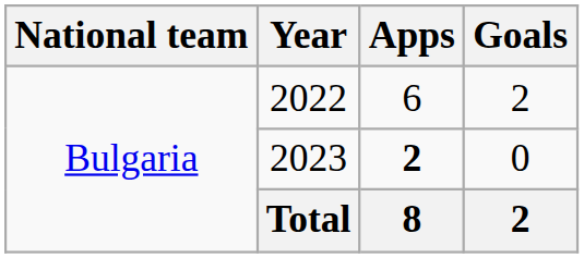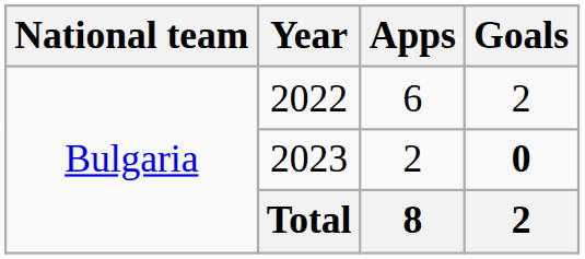 <table class=wikitable style=text-align:center>
 <tr>
 <th>National team</th>
 <th>Year</th>
 <th>Apps</th>
 <th>Goals</th>
 </tr>
 <tr>
 <td rowspan="7"><a href='#'>Bulgaria</a></td>
 <td>2022</td>
 <td>6</td>
 <td>2</td>
 </tr>
 <tr>
 <td>2023</td>
-<td><strong>2</strong></td>
-<td>0</td>
+<td>2</td>
+<td><strong>0</strong></td>
 </tr>
 <tr>
 <th>Total</th>
 <th>8</th>
 <th>2</th>
 </tr>
 </table>
